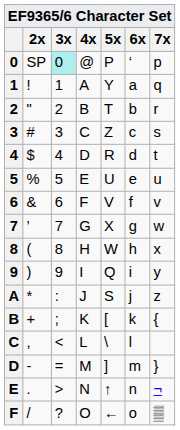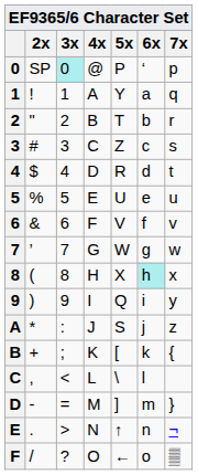 <table class="wikitable">
 <tr>
 <th colspan="7" style="background-color:#EAECF0;">EF9365/6 Character Set</th>
 </tr>
 <tr>
 <th></th>
 <th>2x</th>
 <th>3x</th>
 <th>4x</th>
 <th>5x</th>
 <th>6x</th>
 <th>7x</th>
 </tr>
 <tr>
 <th>0</th>
 <td>SP</td>
 <td style="background: paleturquoise;">0</td>
 <td>@</td>
 <td>P</td>
 <td>‘</td>
 <td>p</td>
 </tr>
 <tr>
 <th>1</th>
 <td>!</td>
 <td>1</td>
 <td>A</td>
 <td>Y</td>
 <td>a</td>
 <td>q</td>
 </tr>
 <tr>
 <th>2</th>
 <td>"</td>
 <td>2</td>
 <td>B</td>
 <td>T</td>
 <td>b</td>
 <td>r</td>
 </tr>
 <tr>
 <th>3</th>
 <td>#</td>
 <td>3</td>
 <td>C</td>
 <td>Z</td>
 <td>c</td>
 <td>s</td>
 </tr>
 <tr>
 <th>4</th>
 <td>$</td>
 <td>4</td>
 <td>D</td>
 <td>R</td>
 <td>d</td>
 <td>t</td>
 </tr>
 <tr>
 <th>5</th>
 <td>%</td>
 <td>5</td>
 <td>E</td>
 <td>U</td>
 <td>e</td>
 <td>u</td>
 </tr>
 <tr>
 <th>6</th>
 <td>&</td>
 <td>6</td>
 <td>F</td>
 <td>V</td>
 <td>f</td>
 <td>v</td>
 </tr>
 <tr>
 <th>7</th>
 <td>’</td>
 <td>7</td>
 <td>G</td>
-<td>X</td>
+<td>W</td>
 <td>g</td>
 <td>w</td>
 </tr>
 <tr>
 <th>8</th>
 <td>(</td>
 <td>8</td>
 <td>H</td>
-<td>W</td>
-<td>h</td>
+<td>X</td>
+<td style="background: paleturquoise;">h</td>
 <td>x</td>
 </tr>
 <tr>
 <th>9</th>
 <td>)</td>
 <td>9</td>
 <td>I</td>
 <td>Q</td>
 <td>i</td>
 <td>y</td>
 </tr>
 <tr>
 <th>A</th>
 <td>*</td>
 <td>:</td>
 <td>J</td>
 <td>S</td>
 <td>j</td>
 <td>z</td>
 </tr>
 <tr>
 <th>B</th>
 <td>+</td>
 <td>;</td>
 <td>K</td>
 <td>[</td>
 <td>k</td>
 <td>{</td>
 </tr>
 <tr>
 <th>C</th>
 <td>,</td>
 <td><</td>
 <td>L</td>
 <td>\</td>
 <td>l</td>
 <td></td>
 </tr>
 <tr>
 <th>D</th>
 <td>-</td>
 <td>=</td>
 <td>M</td>
 <td>]</td>
 <td>m</td>
 <td>}</td>
 </tr>
 <tr>
 <th>E</th>
 <td>.</td>
 <td>></td>
 <td>N</td>
 <td>↑</td>
 <td>n</td>
 <td><a href='#'>¬</a></td>
 </tr>
 <tr>
 <th>F</th>
 <td>/</td>
 <td>?</td>
 <td>O</td>
 <td>←</td>
 <td>o</td>
 <td>▒</td>
 </tr>
 </table>
